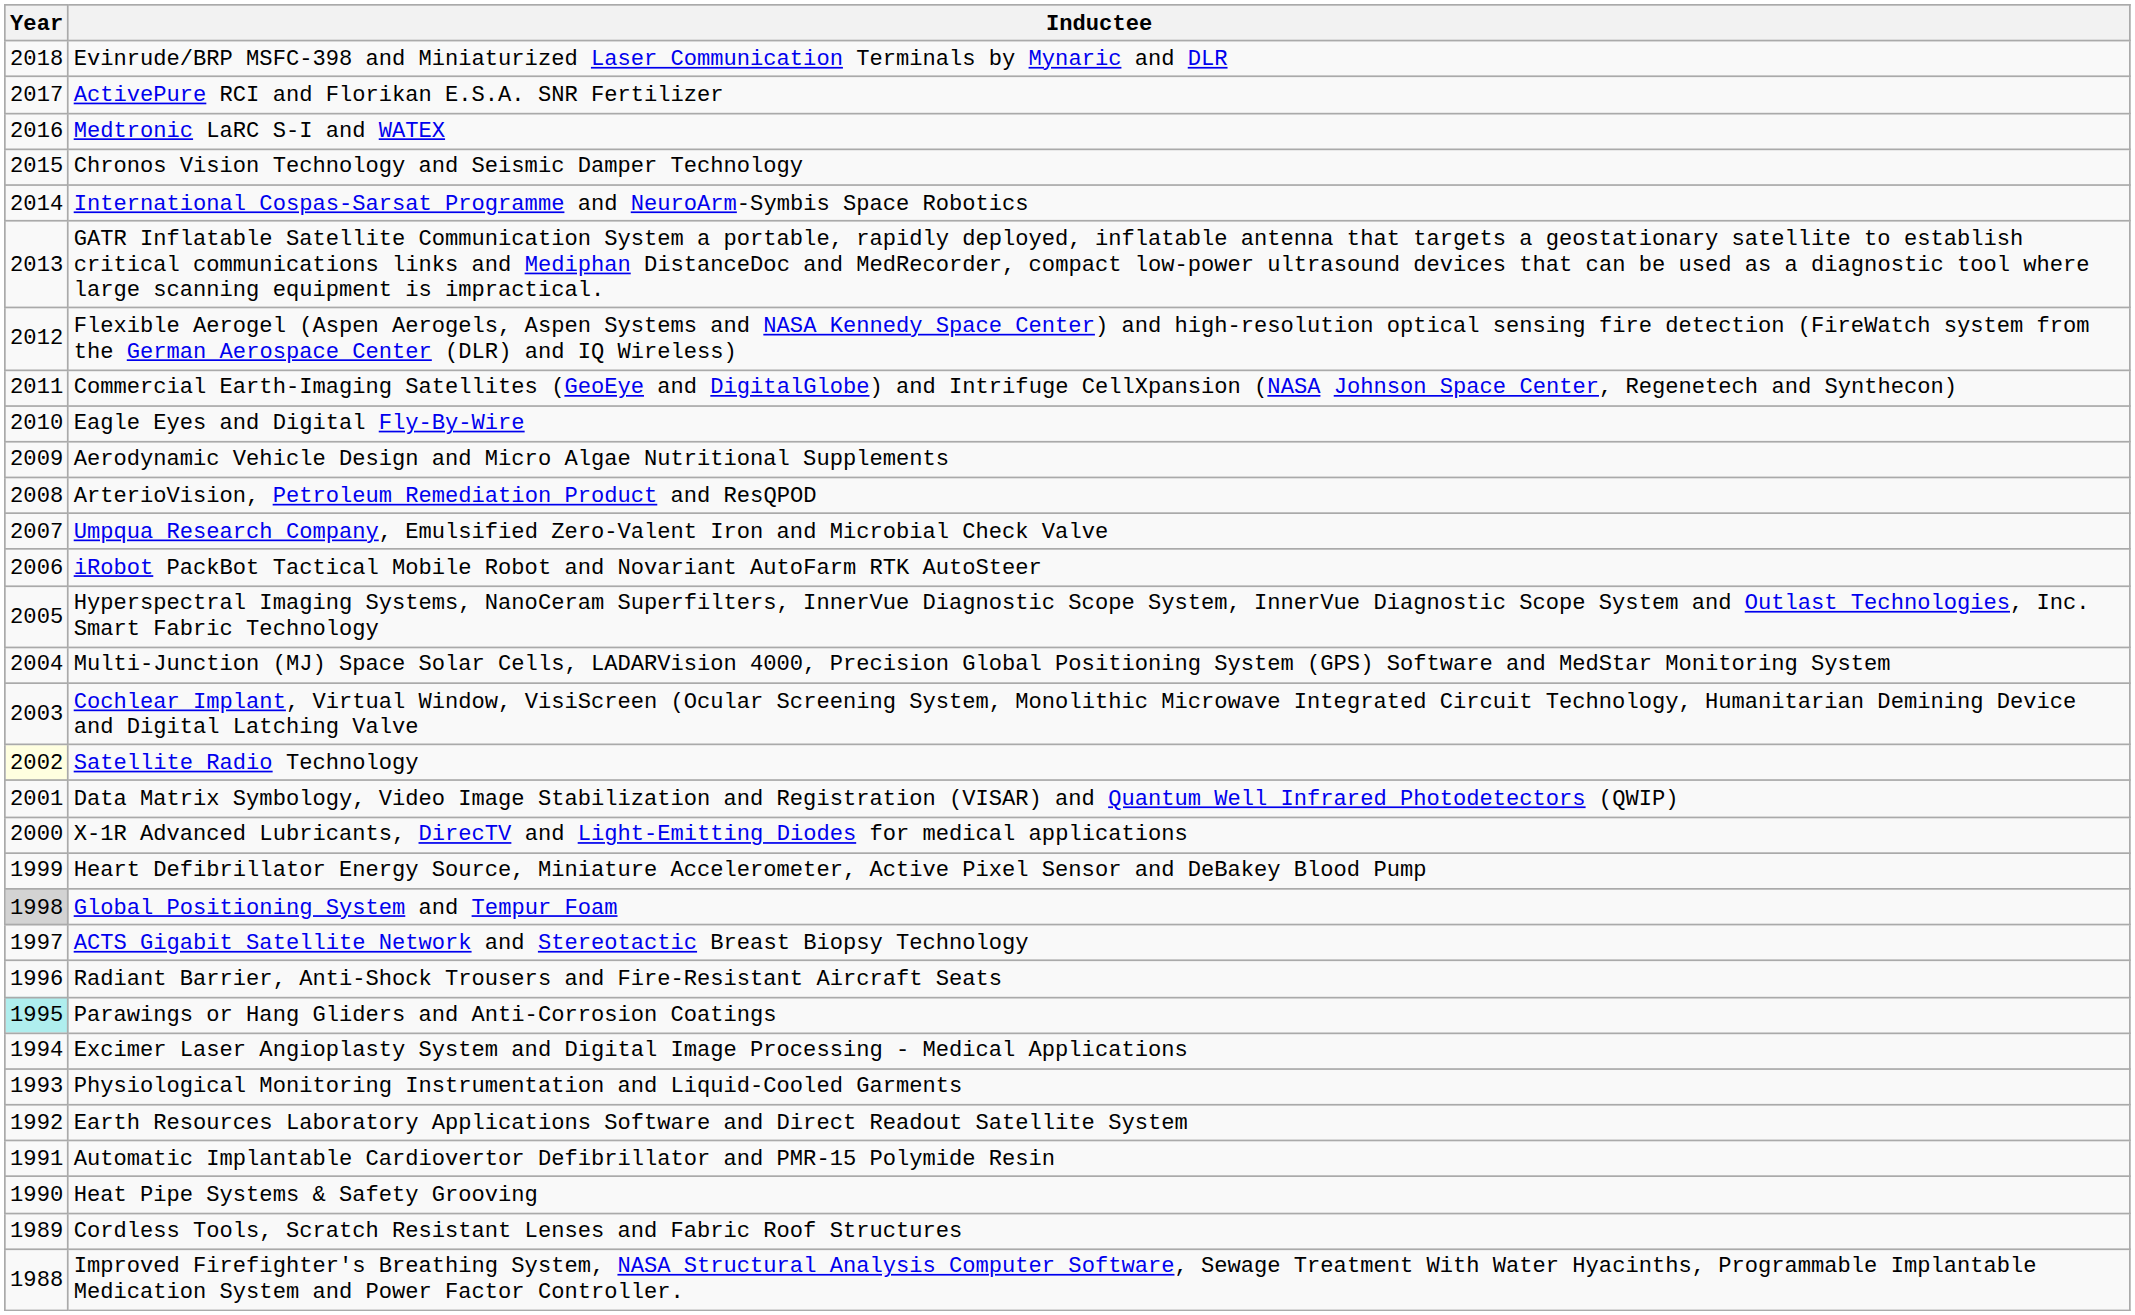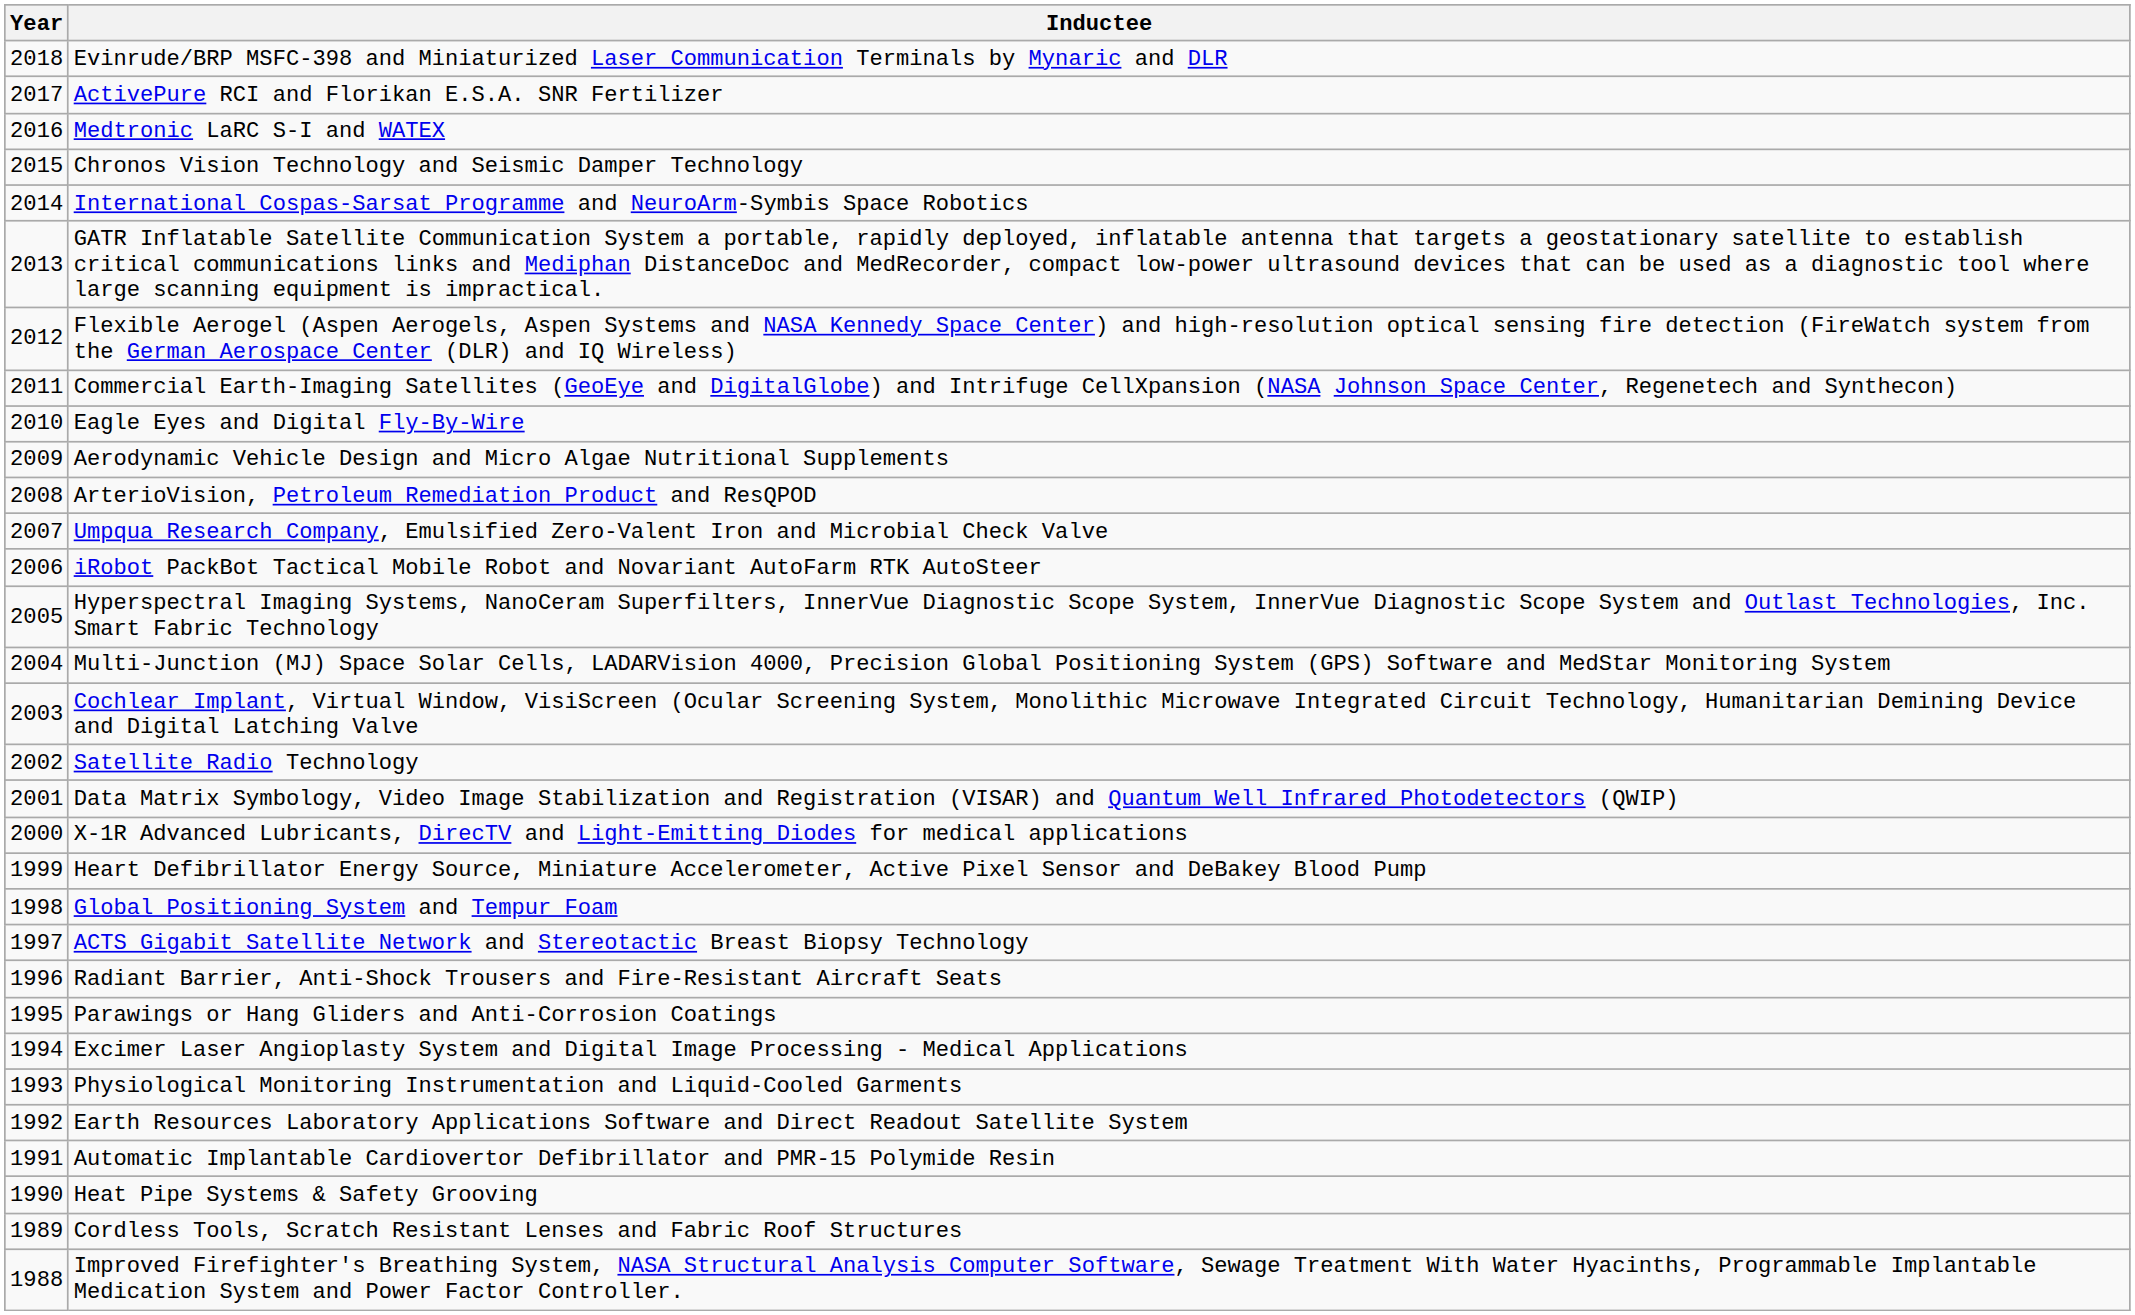 <table class="wikitable">
 <tr>
 <th>Year</th>
 <th>Inductee</th>
 </tr>
 <tr>
 <td>2018</td>
 <td>Evinrude/BRP MSFC-398 and Miniaturized <a href='#'>Laser Communication</a> Terminals by <a href='#'>Mynaric</a> and <a href='#'>DLR</a></td>
 </tr>
 <tr>
 <td>2017</td>
 <td><a href='#'>ActivePure</a> RCI and Florikan E.S.A. SNR Fertilizer</td>
 </tr>
 <tr>
 <td>2016</td>
 <td><a href='#'>Medtronic</a> LaRC S-I and <a href='#'>WATEX</a></td>
 </tr>
 <tr>
 <td>2015</td>
 <td>Chronos Vision Technology and Seismic Damper Technology</td>
 </tr>
 <tr>
 <td>2014</td>
 <td><a href='#'>International Cospas-Sarsat Programme</a> and <a href='#'>NeuroArm</a>-Symbis Space Robotics</td>
 </tr>
 <tr>
 <td>2013</td>
 <td>GATR Inflatable Satellite Communication System a portable, rapidly deployed, inflatable antenna that targets a geostationary satellite to establish critical communications links and <a href='#'>Mediphan</a> DistanceDoc and MedRecorder, compact low-power ultrasound devices that can be used as a diagnostic tool where large scanning equipment is impractical.</td>
 </tr>
 <tr>
 <td>2012</td>
 <td>Flexible Aerogel (Aspen Aerogels, Aspen Systems and <a href='#'>NASA Kennedy Space Center</a>) and high-resolution optical sensing fire detection (FireWatch system from the <a href='#'>German Aerospace Center</a> (DLR) and IQ Wireless)</td>
 </tr>
 <tr>
 <td>2011</td>
 <td>Commercial Earth-Imaging Satellites (<a href='#'>GeoEye</a> and <a href='#'>DigitalGlobe</a>) and Intrifuge CellXpansion (<a href='#'>NASA</a> <a href='#'>Johnson Space Center</a>, Regenetech and Synthecon)</td>
 </tr>
 <tr>
 <td>2010</td>
 <td>Eagle Eyes and Digital <a href='#'>Fly-By-Wire</a></td>
 </tr>
 <tr>
 <td>2009</td>
 <td>Aerodynamic Vehicle Design and Micro Algae Nutritional Supplements</td>
 </tr>
 <tr>
 <td>2008</td>
 <td>ArterioVision, <a href='#'>Petroleum Remediation Product</a> and ResQPOD</td>
 </tr>
 <tr>
 <td>2007</td>
 <td><a href='#'>Umpqua Research Company</a>, Emulsified Zero-Valent Iron and Microbial Check Valve</td>
 </tr>
 <tr>
 <td>2006</td>
 <td><a href='#'>iRobot</a> PackBot Tactical Mobile Robot and Novariant AutoFarm RTK AutoSteer</td>
 </tr>
 <tr>
 <td>2005</td>
 <td>Hyperspectral Imaging Systems, NanoCeram Superfilters, InnerVue Diagnostic Scope System, InnerVue Diagnostic Scope System and <a href='#'>Outlast Technologies</a>, Inc. Smart Fabric Technology</td>
 </tr>
 <tr>
 <td>2004</td>
 <td>Multi-Junction (MJ) Space Solar Cells, LADARVision 4000, Precision Global Positioning System (GPS) Software and MedStar Monitoring System</td>
 </tr>
 <tr>
 <td>2003</td>
 <td><a href='#'>Cochlear Implant</a>, Virtual Window, VisiScreen (Ocular Screening System, Monolithic Microwave Integrated Circuit Technology, Humanitarian Demining Device and Digital Latching Valve</td>
 </tr>
 <tr>
-<td style="background: lightyellow;">2002</td>
+<td>2002</td>
 <td><a href='#'>Satellite Radio</a> Technology</td>
 </tr>
 <tr>
 <td>2001</td>
 <td>Data Matrix Symbology, Video Image Stabilization and Registration (VISAR) and <a href='#'>Quantum Well Infrared Photodetectors</a> (QWIP)</td>
 </tr>
 <tr>
 <td>2000</td>
 <td>X-1R Advanced Lubricants, <a href='#'>DirecTV</a> and <a href='#'>Light-Emitting Diodes</a> for medical applications</td>
 </tr>
 <tr>
 <td>1999</td>
 <td>Heart Defibrillator Energy Source, Miniature Accelerometer, Active Pixel Sensor and DeBakey Blood Pump</td>
 </tr>
 <tr>
-<td style="background: lightgrey;">1998</td>
+<td>1998</td>
 <td><a href='#'>Global Positioning System</a> and <a href='#'>Tempur Foam</a></td>
 </tr>
 <tr>
 <td>1997</td>
 <td><a href='#'>ACTS Gigabit Satellite Network</a> and <a href='#'>Stereotactic</a> Breast Biopsy Technology</td>
 </tr>
 <tr>
 <td>1996</td>
 <td>Radiant Barrier, Anti-Shock Trousers and Fire-Resistant Aircraft Seats</td>
 </tr>
 <tr>
-<td style="background: paleturquoise;">1995</td>
+<td>1995</td>
 <td>Parawings or Hang Gliders and Anti-Corrosion Coatings</td>
 </tr>
 <tr>
 <td>1994</td>
 <td>Excimer Laser Angioplasty System and Digital Image Processing - Medical Applications</td>
 </tr>
 <tr>
 <td>1993</td>
 <td>Physiological Monitoring Instrumentation and Liquid-Cooled Garments</td>
 </tr>
 <tr>
 <td>1992</td>
 <td>Earth Resources Laboratory Applications Software and Direct Readout Satellite System</td>
 </tr>
 <tr>
 <td>1991</td>
 <td>Automatic Implantable Cardiovertor Defibrillator and PMR-15 Polymide Resin</td>
 </tr>
 <tr>
 <td>1990</td>
 <td>Heat Pipe Systems & Safety Grooving</td>
 </tr>
 <tr>
 <td>1989</td>
 <td>Cordless Tools, Scratch Resistant Lenses and Fabric Roof Structures</td>
 </tr>
 <tr>
 <td>1988</td>
 <td>Improved Firefighter's Breathing System, <a href='#'>NASA Structural Analysis Computer Software</a>, Sewage Treatment With Water Hyacinths, Programmable Implantable Medication System and Power Factor Controller.</td>
 </tr>
 </table>
